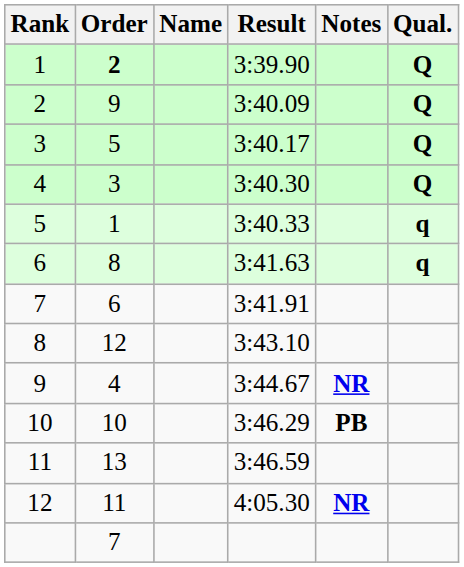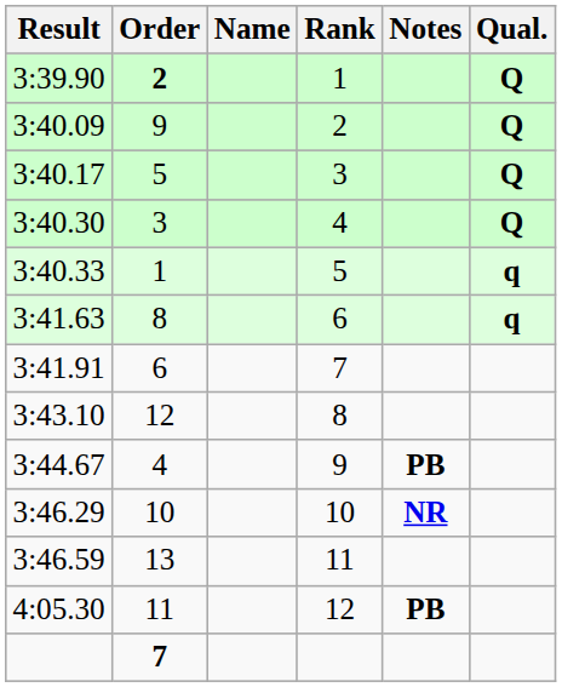 <table class="wikitable sortable" style="text-align:center">
 <tr>
-<th>Rank</th>
+<th>Result</th>
 <th>Order</th>
 <th>Name</th>
-<th>Result</th>
+<th>Rank</th>
 <th>Notes</th>
 <th>Qual.</th>
 </tr>
 <tr style="background:#cfc;">
-<td>1</td>
+<td>3:39.90</td>
 <td><strong>2</strong></td>
 <td align="left"></td>
-<td>3:39.90</td>
+<td>1</td>
 <td></td>
 <td><strong>Q</strong></td>
 </tr>
 <tr style="background:#cfc;">
-<td>2</td>
+<td>3:40.09</td>
 <td>9</td>
 <td align="left"></td>
-<td>3:40.09</td>
+<td>2</td>
 <td></td>
 <td><strong>Q</strong></td>
 </tr>
 <tr style="background:#cfc;">
-<td>3</td>
+<td>3:40.17</td>
 <td>5</td>
 <td align="left"></td>
-<td>3:40.17</td>
+<td>3</td>
 <td></td>
 <td><strong>Q</strong></td>
 </tr>
 <tr style="background:#cfc;">
-<td>4</td>
+<td>3:40.30</td>
 <td>3</td>
 <td align="left"></td>
-<td>3:40.30</td>
+<td>4</td>
 <td></td>
 <td><strong>Q</strong></td>
 </tr>
 <tr style="background:#dfd;">
-<td>5</td>
+<td>3:40.33</td>
 <td>1</td>
 <td align="left"></td>
-<td>3:40.33</td>
+<td>5</td>
 <td></td>
 <td><strong>q</strong></td>
 </tr>
 <tr style="background:#dfd;">
-<td>6</td>
+<td>3:41.63</td>
 <td>8</td>
 <td align="left"></td>
-<td>3:41.63</td>
+<td>6</td>
 <td></td>
 <td><strong>q</strong></td>
 </tr>
 <tr>
-<td>7</td>
+<td>3:41.91</td>
 <td>6</td>
 <td align="left"></td>
-<td>3:41.91</td>
+<td>7</td>
 <td></td>
 <td></td>
 </tr>
 <tr>
-<td>8</td>
+<td>3:43.10</td>
 <td>12</td>
 <td align="left"></td>
-<td>3:43.10</td>
+<td>8</td>
 <td></td>
 <td></td>
 </tr>
 <tr>
-<td>9</td>
+<td>3:44.67</td>
 <td>4</td>
 <td align="left"></td>
-<td>3:44.67</td>
+<td>9</td>
+<td><strong>PB</strong></td>
+<td></td>
+</tr>
+<tr>
+<td>3:46.29</td>
+<td>10</td>
+<td align="left"></td>
+<td>10</td>
 <td><strong><a href='#'>NR</a></strong></td>
 <td></td>
 </tr>
 <tr>
-<td>10</td>
-<td>10</td>
+<td>3:46.59</td>
+<td>13</td>
 <td align="left"></td>
-<td>3:46.29</td>
+<td>11</td>
+<td></td>
+<td></td>
+</tr>
+<tr>
+<td>4:05.30</td>
+<td>11</td>
+<td align="left"></td>
+<td>12</td>
 <td><strong>PB</strong></td>
 <td></td>
 </tr>
 <tr>
-<td>11</td>
-<td>13</td>
-<td align="left"></td>
-<td>3:46.59</td>
 <td></td>
-<td></td>
-</tr>
-<tr>
-<td>12</td>
-<td>11</td>
-<td align="left"></td>
-<td>4:05.30</td>
-<td><strong><a href='#'>NR</a></strong></td>
-<td></td>
-</tr>
-<tr>
-<td></td>
-<td>7</td>
+<td><strong>7</strong></td>
 <td align="left"></td>
 <td></td>
 <td></td>
 <td></td>
 </tr>
 </table>
